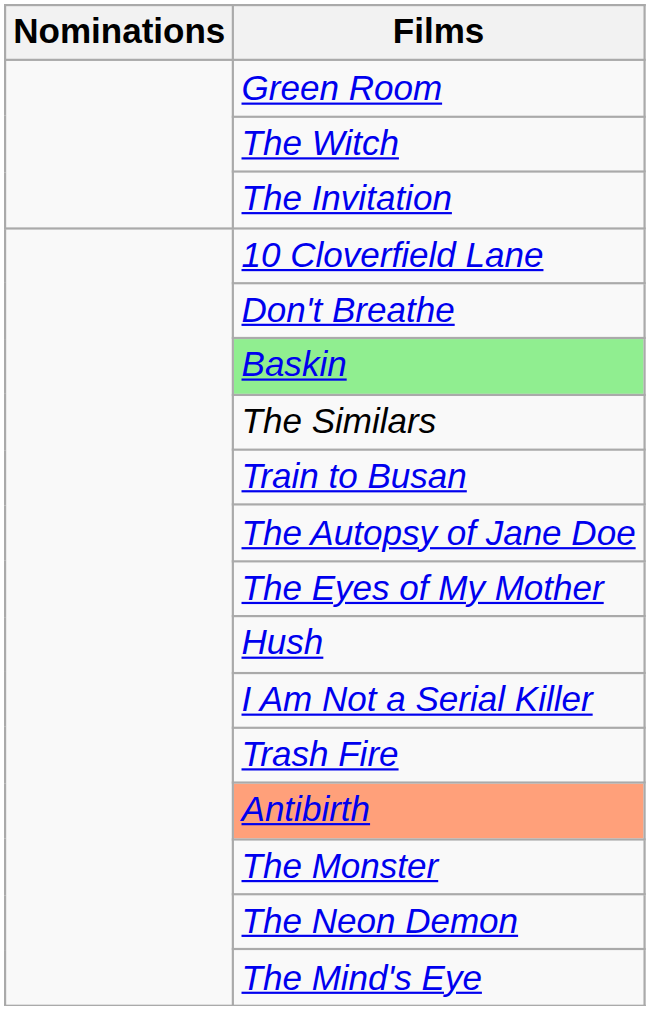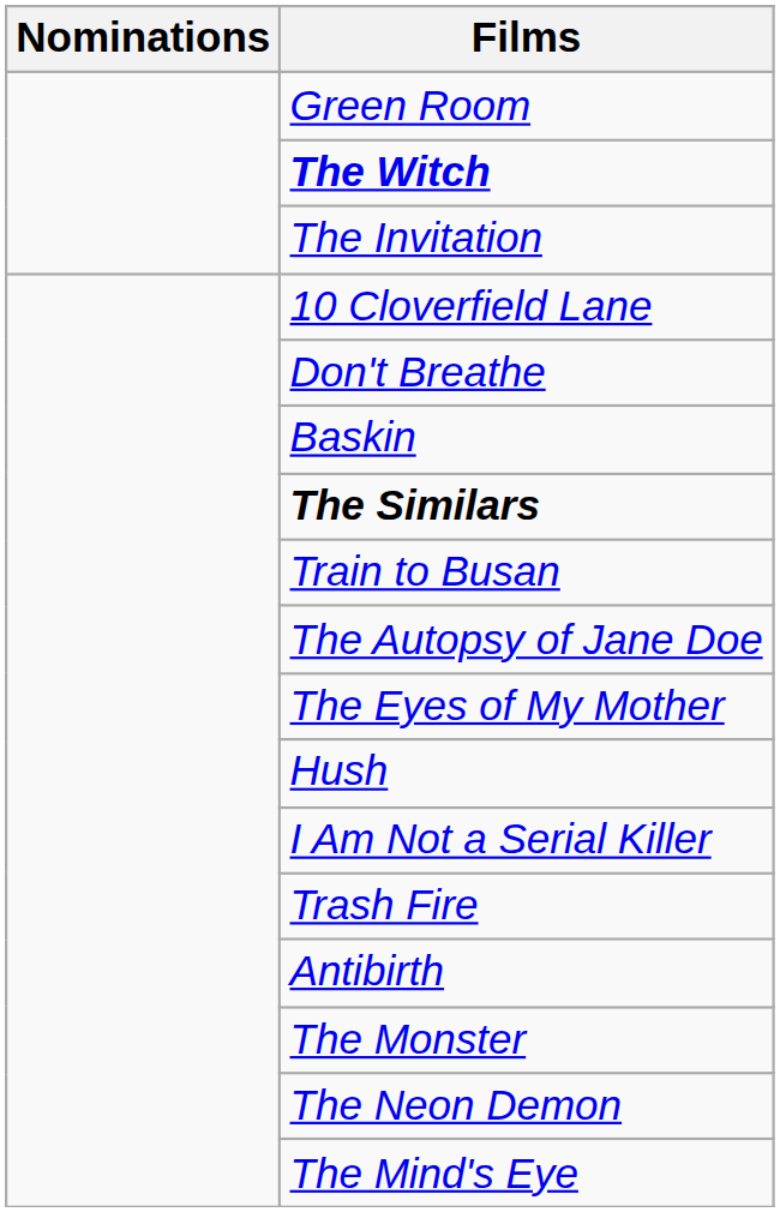 <table class="wikitable">
 <tr>
 <th>Nominations</th>
 <th>Films</th>
 </tr>
 <tr>
 <td rowspan="3"></td>
 <td><em><a href='#'>Green Room</a></em></td>
 </tr>
 <tr>
-<td><em><a href='#'>The Witch</a></em></td>
+<td><strong><em><a href='#'>The Witch</a></em></strong></td>
 </tr>
 <tr>
 <td><em><a href='#'>The Invitation</a></em></td>
 </tr>
 <tr>
 <td rowspan="14"></td>
 <td><em><a href='#'>10 Cloverfield Lane</a></em></td>
 </tr>
 <tr>
 <td><em><a href='#'>Don't Breathe</a></em></td>
 </tr>
 <tr>
-<td style="background: lightgreen;"><em><a href='#'>Baskin</a></em></td>
+<td><em><a href='#'>Baskin</a></em></td>
 </tr>
 <tr>
-<td><em>The Similars</em></td>
+<td><strong><em>The Similars</em></strong></td>
 </tr>
 <tr>
 <td><em><a href='#'>Train to Busan</a></em></td>
 </tr>
 <tr>
 <td><em><a href='#'>The Autopsy of Jane Doe</a></em></td>
 </tr>
 <tr>
 <td><em><a href='#'>The Eyes of My Mother</a></em></td>
 </tr>
 <tr>
 <td><em><a href='#'>Hush</a></em></td>
 </tr>
 <tr>
 <td><em><a href='#'>I Am Not a Serial Killer</a></em></td>
 </tr>
 <tr>
 <td><em><a href='#'>Trash Fire</a></em></td>
 </tr>
 <tr>
-<td style="background: lightsalmon;"><em><a href='#'>Antibirth</a></em></td>
+<td><em><a href='#'>Antibirth</a></em></td>
 </tr>
 <tr>
 <td><em><a href='#'>The Monster</a></em></td>
 </tr>
 <tr>
 <td><em><a href='#'>The Neon Demon</a></em></td>
 </tr>
 <tr>
 <td><em><a href='#'>The Mind's Eye</a></em></td>
 </tr>
 <tr>
 </tr>
 </table>
